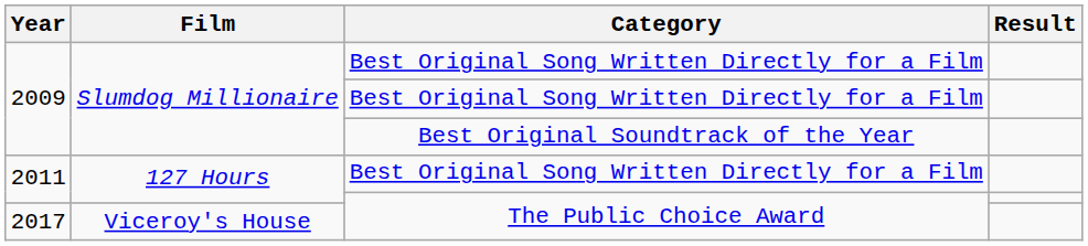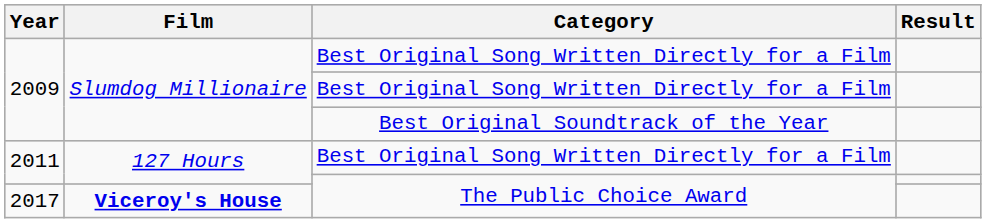 <table class="wikitable">
 <tr>
 <th>Year</th>
 <th>Film</th>
 <th>Category</th>
 <th>Result</th>
 </tr>
 <tr>
 <td rowspan="3" style="text-align:center;">2009</td>
 <td rowspan="3" style="text-align:center;"><em><a href='#'>Slumdog Millionaire</a></em></td>
 <td style="text-align:center;"><a href='#'>Best Original Song Written Directly for a Film</a><br></td>
 <td></td>
 </tr>
 <tr>
 <td style="text-align:center;"><a href='#'>Best Original Song Written Directly for a Film</a><br></td>
 <td></td>
 </tr>
 <tr>
 <td style="text-align:center;"><a href='#'>Best Original Soundtrack of the Year</a></td>
 <td></td>
 </tr>
 <tr>
 <td rowspan="2" style="text-align:center;">2011</td>
 <td rowspan="2" style="text-align:center;"><em><a href='#'>127 Hours</a></em></td>
 <td style="text-align:center;"><a href='#'>Best Original Song Written Directly for a Film</a><br></td>
 <td></td>
 </tr>
 <tr>
 <td rowspan="2" style="text-align:center;"><a href='#'>The Public Choice Award</a></td>
 <td></td>
 </tr>
 <tr>
 <td style="text-align:center;">2017</td>
-<td style="text-align:center;"><a href='#'>Viceroy's House</a></td>
+<td style="text-align:center;"><strong><a href='#'>Viceroy's House</a></strong></td>
 <td></td>
 </tr>
 </table>
